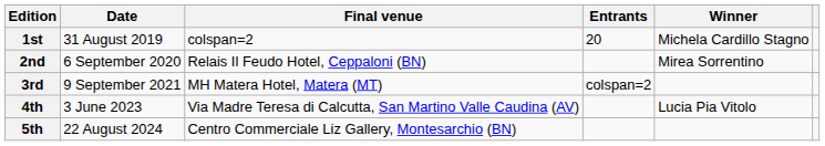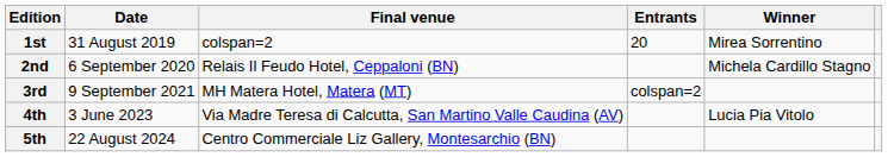 <table class="wikitable defaultcenter col2left col3left col5left" style="font-size:95%;">
 <tr>
 <th>Edition</th>
 <th>Date</th>
 <th>Final venue</th>
 <th>Entrants</th>
 <th>Winner</th>
 <th></th>
 </tr>
 <tr>
 <th>1st</th>
 <td>31 August 2019</td>
 <td>colspan=2 </td>
 <td>20</td>
-<td>Michela Cardillo Stagno</td>
+<td>Mirea Sorrentino</td>
 <td></td>
 </tr>
 <tr>
 <th>2nd</th>
 <td>6 September 2020</td>
 <td>Relais Il Feudo Hotel, <a href='#'>Ceppaloni</a> (<a href='#'>BN</a>)</td>
 <td></td>
-<td>Mirea Sorrentino</td>
+<td>Michela Cardillo Stagno</td>
 <td></td>
 </tr>
 <tr>
 <th>3rd</th>
 <td>9 September 2021</td>
 <td>MH Matera Hotel, <a href='#'>Matera</a> (<a href='#'>MT</a>)</td>
 <td>colspan=2 </td>
 <td></td>
 </tr>
 <tr>
 <th>4th</th>
 <td>3 June 2023</td>
 <td>Via Madre Teresa di Calcutta, <a href='#'>San Martino Valle Caudina</a> (<a href='#'>AV</a>)</td>
 <td><em></em></td>
 <td>Lucia Pia Vitolo</td>
 <td></td>
 </tr>
 <tr>
 <th>5th</th>
 <td>22 August 2024</td>
 <td>Centro Commerciale Liz Gallery, <a href='#'>Montesarchio</a> (<a href='#'>BN</a>)</td>
 <td></td>
 <td></td>
 </tr>
 </table>
